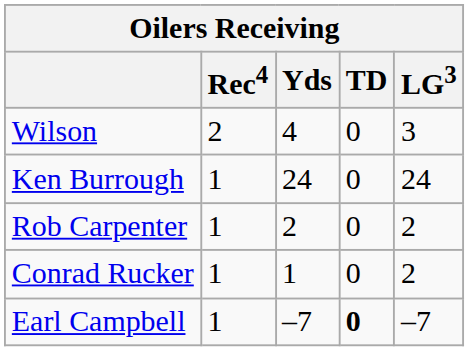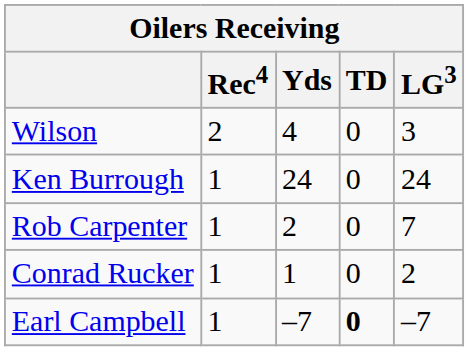 <table class="wikitable">
 <tr>
 <th colspan="5">Oilers Receiving</th>
 </tr>
 <tr>
 <th></th>
 <th>Rec<sup>4</sup></th>
 <th>Yds</th>
 <th>TD</th>
 <th>LG<sup>3</sup></th>
 </tr>
 <tr>
 <td><a href='#'>Wilson</a></td>
 <td>2</td>
 <td>4</td>
 <td>0</td>
 <td>3</td>
 </tr>
 <tr>
 <td><a href='#'>Ken Burrough</a></td>
 <td>1</td>
 <td>24</td>
 <td>0</td>
 <td>24</td>
 </tr>
 <tr>
 <td><a href='#'>Rob Carpenter</a></td>
 <td>1</td>
 <td>2</td>
 <td>0</td>
-<td>2</td>
+<td>7</td>
 </tr>
 <tr>
 <td><a href='#'>Conrad Rucker</a></td>
 <td>1</td>
 <td>1</td>
 <td>0</td>
 <td>2</td>
 </tr>
 <tr>
 <td><a href='#'>Earl Campbell</a></td>
 <td>1</td>
 <td>–7</td>
 <td><strong>0</strong></td>
 <td>–7</td>
 </tr>
 </table>
